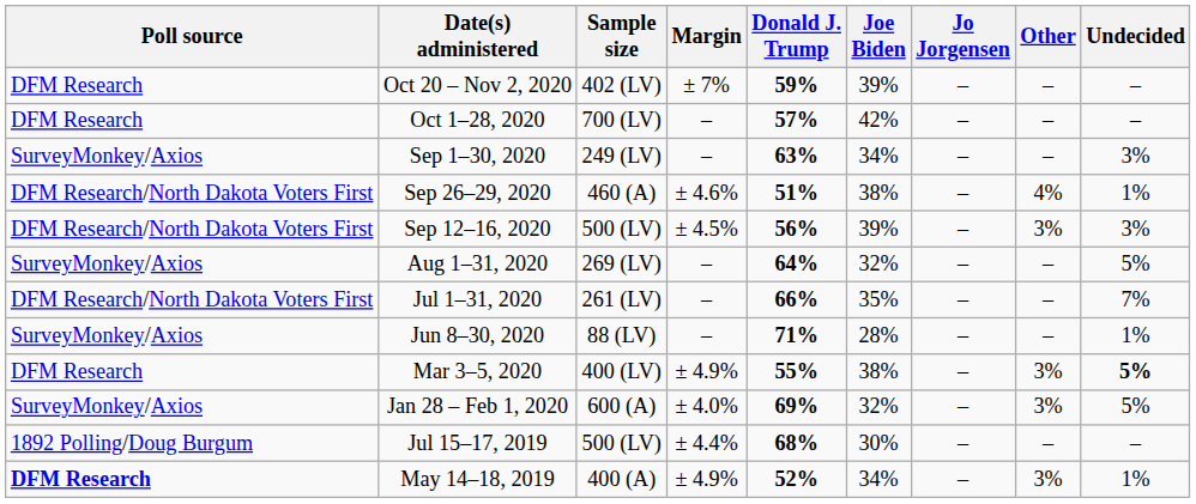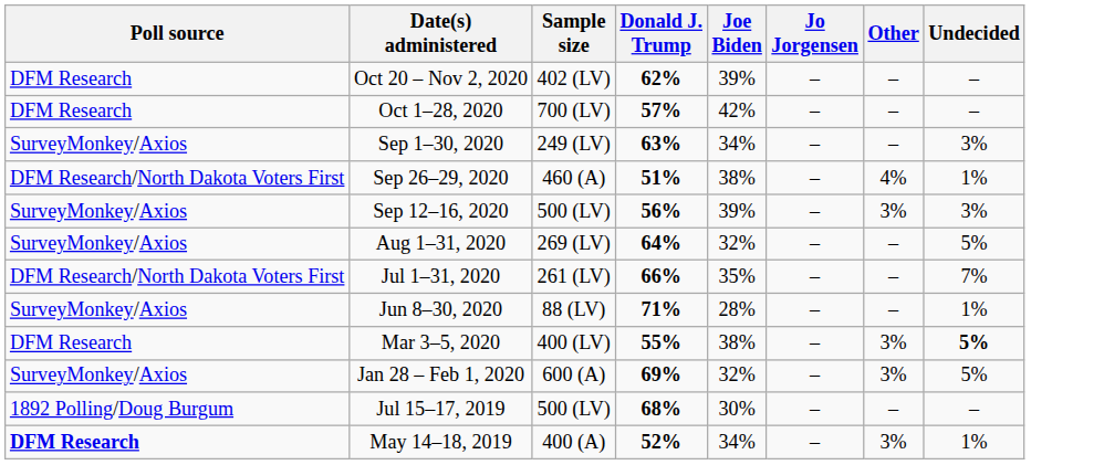 <table class="wikitable sortable" style="text-align:center;font-size:90%;line-height:17px">
 <tr>
 <th>Poll source</th>
 <th>Date(s)<br>administered</th>
 <th>Sample<br>size</th>
-<th>Margin<br></th>
 <th class="unsortable"><a href='#'>Donald J.<br>Trump</a><br><small></small></th>
 <th class="unsortable"><a href='#'>Joe<br>Biden</a><br><small></small></th>
 <th class="unsortable"><a href='#'>Jo<br>Jorgensen</a><br><small></small></th>
 <th class="unsortable"><a href='#'>Other</a></th>
 <th class="unsortable">Undecided</th>
 </tr>
 <tr>
 <td style="text-align:left;"><a href='#'>DFM Research</a></td>
 <td>Oct 20 – Nov 2, 2020</td>
 <td>402 (LV)</td>
-<td>± 7%</td>
-<td><strong>59%</strong></td>
+<td><strong>62%</strong></td>
 <td>39%</td>
 <td>–</td>
 <td>–</td>
 <td>–</td>
 </tr>
 <tr>
 <td style="text-align:left;"><a href='#'>DFM Research</a></td>
 <td>Oct 1–28, 2020</td>
 <td>700 (LV)</td>
-<td>–</td>
 <td><strong>57%</strong></td>
 <td>42%</td>
 <td>–</td>
 <td>–</td>
 <td>–</td>
 </tr>
 <tr>
 <td style="text-align:left;"><a href='#'>SurveyMonkey</a>/<a href='#'>Axios</a></td>
 <td>Sep 1–30, 2020</td>
 <td>249 (LV)</td>
-<td>–</td>
 <td><strong>63%</strong></td>
 <td>34%</td>
 <td>–</td>
 <td>–</td>
 <td>3%</td>
 </tr>
 <tr>
 <td style="text-align:left;"><a href='#'>DFM Research</a>/<a href='#'>North Dakota Voters First</a></td>
 <td>Sep 26–29, 2020</td>
 <td>460 (A)</td>
-<td>± 4.6%</td>
 <td><strong>51%</strong></td>
 <td>38%</td>
 <td>–</td>
 <td>4%</td>
 <td>1%</td>
 </tr>
 <tr>
-<td style="text-align:left;"><a href='#'>DFM Research</a>/<a href='#'>North Dakota Voters First</a></td>
+<td style="text-align:left;"><a href='#'>SurveyMonkey</a>/<a href='#'>Axios</a></td>
 <td>Sep 12–16, 2020</td>
 <td>500 (LV)</td>
-<td>± 4.5%</td>
 <td><strong>56%</strong></td>
 <td>39%</td>
 <td>–</td>
 <td>3%</td>
 <td>3%</td>
 </tr>
 <tr>
 <td style="text-align:left;"><a href='#'>SurveyMonkey</a>/<a href='#'>Axios</a></td>
 <td>Aug 1–31, 2020</td>
 <td>269 (LV)</td>
-<td>–</td>
 <td><strong>64%</strong></td>
 <td>32%</td>
 <td>–</td>
 <td>–</td>
 <td>5%</td>
 </tr>
 <tr>
 <td style="text-align:left;"><a href='#'>DFM Research</a>/<a href='#'>North Dakota Voters First</a></td>
 <td>Jul 1–31, 2020</td>
 <td>261 (LV)</td>
-<td>–</td>
 <td><strong>66%</strong></td>
 <td>35%</td>
 <td>–</td>
 <td>–</td>
 <td>7%</td>
 </tr>
 <tr>
 <td style="text-align:left;"><a href='#'>SurveyMonkey</a>/<a href='#'>Axios</a></td>
 <td>Jun 8–30, 2020</td>
 <td style="background: ">88 (LV)</td>
-<td>–</td>
 <td><strong>71%</strong></td>
 <td>28%</td>
 <td>–</td>
 <td>–</td>
 <td>1%</td>
 </tr>
 <tr>
 <td style="text-align:left;"><a href='#'>DFM Research</a></td>
 <td>Mar 3–5, 2020</td>
 <td>400 (LV)</td>
-<td>± 4.9%</td>
 <td><strong>55%</strong></td>
 <td>38%</td>
 <td>–</td>
 <td>3%</td>
 <td><strong>5%</strong></td>
 </tr>
 <tr>
 <td style="text-align:left;"><a href='#'>SurveyMonkey</a>/<a href='#'>Axios</a></td>
 <td>Jan 28 – Feb 1, 2020</td>
 <td>600 (A)</td>
-<td>± 4.0%</td>
 <td><strong>69%</strong></td>
 <td>32%</td>
 <td>–</td>
 <td>3%</td>
 <td>5%</td>
 </tr>
 <tr>
 <td style="text-align:left;"><a href='#'>1892 Polling</a>/<a href='#'>Doug Burgum</a></td>
 <td>Jul 15–17, 2019</td>
 <td>500 (LV)</td>
-<td>± 4.4%</td>
 <td><strong>68%</strong></td>
 <td>30%</td>
 <td>–</td>
 <td>–</td>
 <td>–</td>
 </tr>
 <tr>
 <td style="text-align:left;"><strong><a href='#'>DFM Research</a></strong></td>
 <td>May 14–18, 2019</td>
 <td>400 (A)</td>
-<td>± 4.9%</td>
 <td><strong>52%</strong></td>
 <td>34%</td>
 <td>–</td>
 <td>3%</td>
 <td>1%</td>
 </tr>
 </table>
